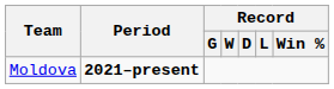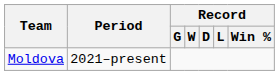 <table class="wikitable" style="text-align: center">
 <tr>
 <th rowspan="2">Team</th>
 <th rowspan="2">Period</th>
 <th colspan="5">Record</th>
 </tr>
 <tr>
 <th>G</th>
 <th>W</th>
 <th>D</th>
 <th>L</th>
 <th>Win %</th>
 </tr>
 <tr>
 <td align=left><a href='#'>Moldova</a></td>
-<td align=left><strong>2021–present<br></strong></td>
+<td align=left>2021–present<br></td>
 </tr>
 </table>
